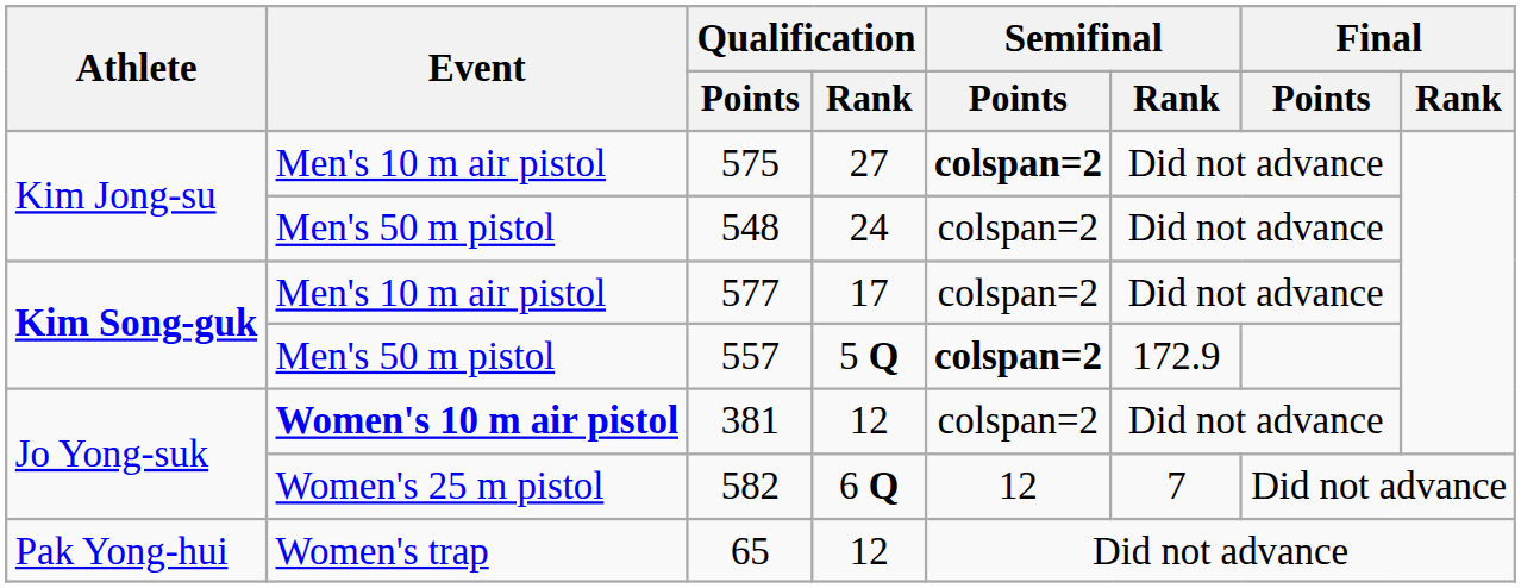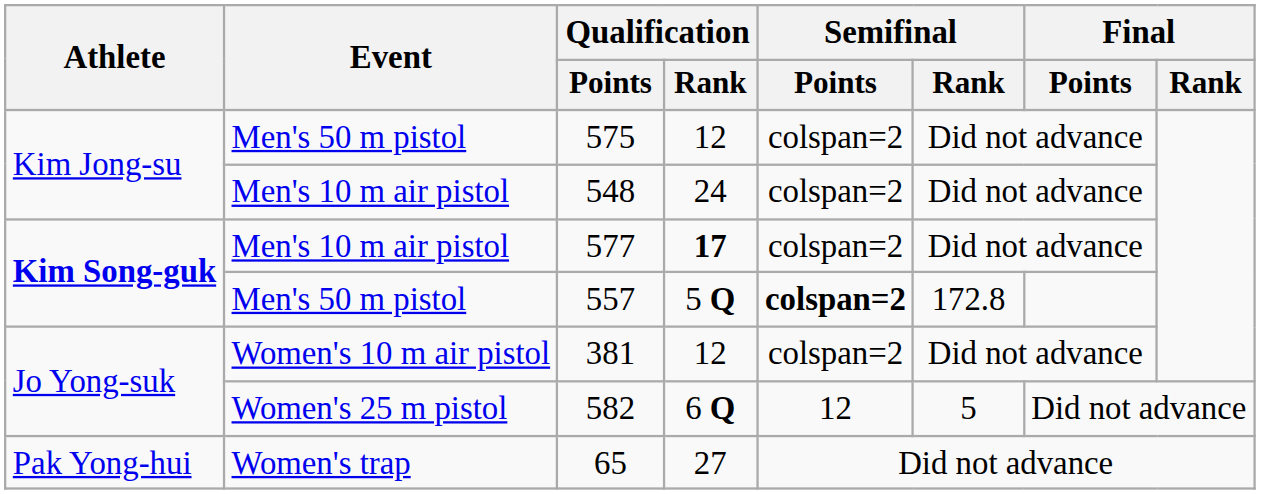 <table class="wikitable" style="font-size:90%">
 <tr>
 <th rowspan="2">Athlete</th>
 <th rowspan="2">Event</th>
 <th colspan=2>Qualification</th>
 <th colspan=2>Semifinal</th>
 <th colspan=2>Final</th>
 </tr>
 <tr style="font-size:95%">
 <th>Points</th>
 <th>Rank</th>
 <th>Points</th>
 <th>Rank</th>
 <th>Points</th>
 <th>Rank</th>
 </tr>
 <tr align=center>
 <td align=left rowspan=2><a href='#'>Kim Jong-su</a></td>
-<td align=left><a href='#'>Men's 10 m air pistol</a></td>
+<td align=left><a href='#'>Men's 50 m pistol</a></td>
 <td>575</td>
-<td>27</td>
-<td><strong>colspan=2 </strong></td>
+<td>12</td>
+<td>colspan=2 </td>
 <td colspan=2>Did not advance</td>
 </tr>
 <tr align=center>
-<td align=left><a href='#'>Men's 50 m pistol</a></td>
+<td align=left><a href='#'>Men's 10 m air pistol</a></td>
 <td>548</td>
 <td>24</td>
 <td>colspan=2 </td>
 <td colspan=2>Did not advance</td>
 </tr>
 <tr align=center>
 <td align=left rowspan=2><strong><a href='#'>Kim Song-guk</a></strong></td>
 <td align=left><a href='#'>Men's 10 m air pistol</a></td>
 <td>577</td>
-<td>17</td>
+<td><strong>17</strong></td>
 <td>colspan=2 </td>
 <td colspan=2>Did not advance</td>
 </tr>
 <tr align=center>
 <td align=left><a href='#'>Men's 50 m pistol</a></td>
 <td>557</td>
 <td>5 <strong>Q</strong></td>
 <td><strong>colspan=2 </strong></td>
-<td>172.9</td>
+<td>172.8</td>
 <td></td>
 </tr>
 <tr align=center>
 <td align=left rowspan=2><a href='#'>Jo Yong-suk</a></td>
-<td align=left><strong><a href='#'>Women's 10 m air pistol</a></strong></td>
+<td align=left><a href='#'>Women's 10 m air pistol</a></td>
 <td>381</td>
 <td>12</td>
 <td>colspan=2 </td>
 <td colspan=2>Did not advance</td>
 </tr>
 <tr align=center>
 <td align=left><a href='#'>Women's 25 m pistol</a></td>
 <td>582</td>
 <td>6 <strong>Q</strong></td>
 <td>12</td>
-<td>7</td>
+<td>5</td>
 <td colspan=2>Did not advance</td>
 </tr>
 <tr align=center>
 <td align=left><a href='#'>Pak Yong-hui</a></td>
 <td align=left><a href='#'>Women's trap</a></td>
 <td>65</td>
-<td>12</td>
+<td>27</td>
 <td colspan=4>Did not advance</td>
 </tr>
 </table>
